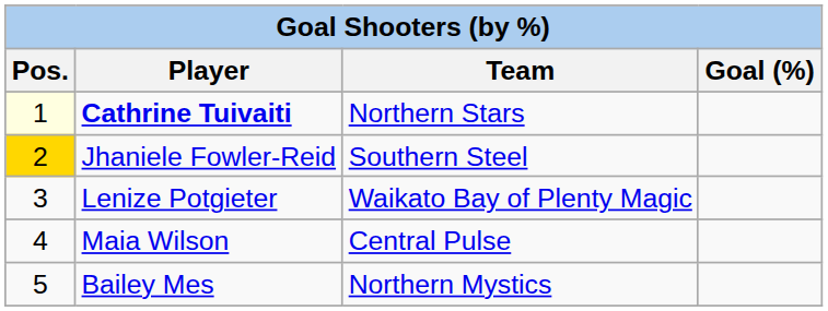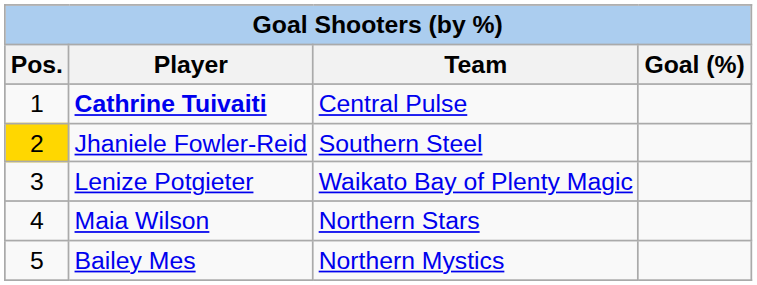 <table class="wikitable"  style="float:left; font-size:90%;">
 <tr>
 <th colspan=4 style=background:#ABCDEF>Goal Shooters (by %)</th>
 </tr>
 <tr>
 <th>Pos.</th>
 <th>Player</th>
 <th>Team</th>
 <th>Goal (%)</th>
 </tr>
 <tr>
-<td align=center style="background: lightyellow;">1</td>
+<td align=center>1</td>
 <td><strong><a href='#'>Cathrine Tuivaiti</a></strong></td>
-<td><a href='#'>Northern Stars</a></td>
+<td><a href='#'>Central Pulse</a></td>
 <td align=center></td>
 </tr>
 <tr>
 <td align=center style="background: gold;">2</td>
 <td><a href='#'>Jhaniele Fowler-Reid</a></td>
 <td><a href='#'>Southern Steel</a></td>
 <td align=center></td>
 </tr>
 <tr>
 <td align=center>3</td>
 <td><a href='#'>Lenize Potgieter</a></td>
 <td><a href='#'>Waikato Bay of Plenty Magic</a></td>
 <td align=center></td>
 </tr>
 <tr>
 <td align=center>4</td>
 <td><a href='#'>Maia Wilson</a></td>
-<td><a href='#'>Central Pulse</a></td>
+<td><a href='#'>Northern Stars</a></td>
 <td align=center></td>
 </tr>
 <tr>
 <td align=center>5</td>
 <td><a href='#'>Bailey Mes</a></td>
 <td><a href='#'>Northern Mystics</a></td>
 <td align=center></td>
 </tr>
 </table>
